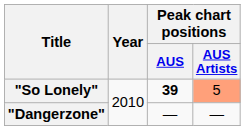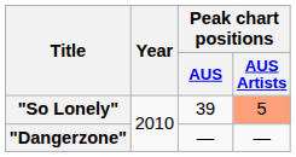 <table class="wikitable plainrowheaders" style="text-align:center">
 <tr>
 <th scope="col" rowspan="2">Title</th>
 <th scope="col" rowspan="2">Year</th>
 <th scope="col" colspan="2">Peak chart positions</th>
 </tr>
 <tr>
 <th scope="col" style="width:3em; font-size:90%"><a href='#'>AUS</a><br></th>
 <th scope="col" style="width:3em; font-size:90%"><a href='#'>AUS<br>Artists</a></th>
 </tr>
 <tr>
 <th scope="row">"So Lonely"</th>
 <td rowspan="2">2010</td>
-<td><strong>39</strong></td>
+<td>39</td>
 <td style="background: lightsalmon;">5</td>
 </tr>
 <tr>
 <th scope="row">"Dangerzone"</th>
 <td>—</td>
 <td>—</td>
 </tr>
 </table>
